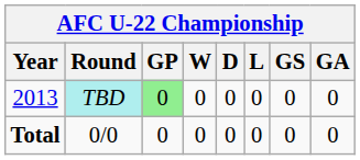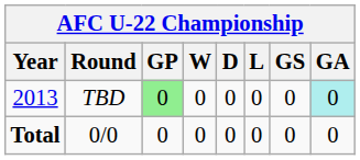 <table class="wikitable" style="text-align: center;font-size:90%;">
 <tr>
 <th colspan=8><a href='#'>AFC U-22 Championship</a></th>
 </tr>
 <tr>
 <th>Year</th>
 <th>Round</th>
 <th>GP</th>
 <th>W</th>
 <th>D</th>
 <th>L</th>
 <th>GS</th>
 <th>GA</th>
 </tr>
 <tr>
 <td><a href='#'>2013</a></td>
-<td style="background: paleturquoise;"><em>TBD</em></td>
+<td><em>TBD</em></td>
 <td style="background: lightgreen;">0</td>
 <td>0</td>
 <td>0</td>
 <td>0</td>
 <td>0</td>
-<td>0</td>
+<td style="background: paleturquoise;">0</td>
 </tr>
 <tr>
 <td><strong>Total</strong></td>
 <td>0/0</td>
 <td>0</td>
 <td>0</td>
 <td>0</td>
 <td>0</td>
 <td>0</td>
 <td>0</td>
 </tr>
 </table>
